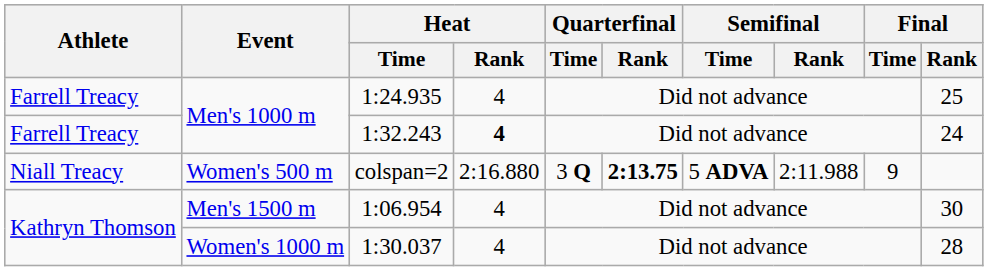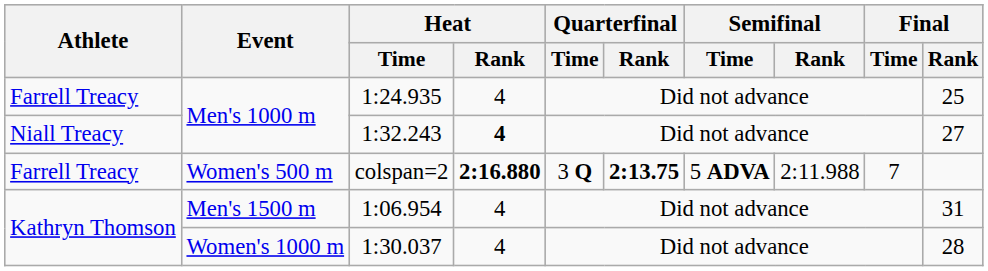 <table class=wikitable style=font-size:90%;text-align:center>
 <tr>
 <th rowspan=2>Athlete</th>
 <th rowspan=2>Event</th>
 <th colspan=2>Heat</th>
 <th colspan=2>Quarterfinal</th>
 <th colspan=2>Semifinal</th>
 <th colspan=2>Final</th>
 </tr>
 <tr style=font-size:95%>
 <th>Time</th>
 <th>Rank</th>
 <th>Time</th>
 <th>Rank</th>
 <th>Time</th>
 <th>Rank</th>
 <th>Time</th>
 <th>Rank</th>
 </tr>
 <tr>
 <td align=left><a href='#'>Farrell Treacy</a></td>
 <td align=left rowspan=2><a href='#'>Men's 1000 m</a></td>
 <td>1:24.935</td>
 <td>4</td>
 <td colspan=5>Did not advance</td>
 <td>25</td>
 </tr>
 <tr>
-<td align=left><a href='#'>Farrell Treacy</a></td>
+<td align=left><a href='#'>Niall Treacy</a></td>
 <td>1:32.243</td>
 <td><strong>4</strong></td>
 <td colspan=5>Did not advance</td>
-<td>24</td>
+<td>27</td>
 </tr>
 <tr>
-<td align=left><a href='#'>Niall Treacy</a></td>
+<td align=left><a href='#'>Farrell Treacy</a></td>
 <td align=left><a href='#'>Women's 500 m</a></td>
 <td>colspan=2 </td>
-<td>2:16.880</td>
+<td><strong>2:16.880</strong></td>
 <td>3 <strong>Q</strong></td>
 <td><strong>2:13.75</strong></td>
 <td>5 <strong>ADVA</strong></td>
 <td>2:11.988</td>
-<td>9</td>
+<td>7</td>
 </tr>
 <tr>
 <td align=left rowspan=2><a href='#'>Kathryn Thomson</a></td>
 <td align=left><a href='#'>Men's 1500 m</a></td>
 <td>1:06.954</td>
 <td>4</td>
 <td colspan=5>Did not advance</td>
-<td>30</td>
+<td>31</td>
 </tr>
 <tr>
 <td align=left><a href='#'>Women's 1000 m</a></td>
 <td>1:30.037</td>
 <td>4</td>
 <td colspan=5>Did not advance</td>
 <td>28</td>
 </tr>
 </table>
